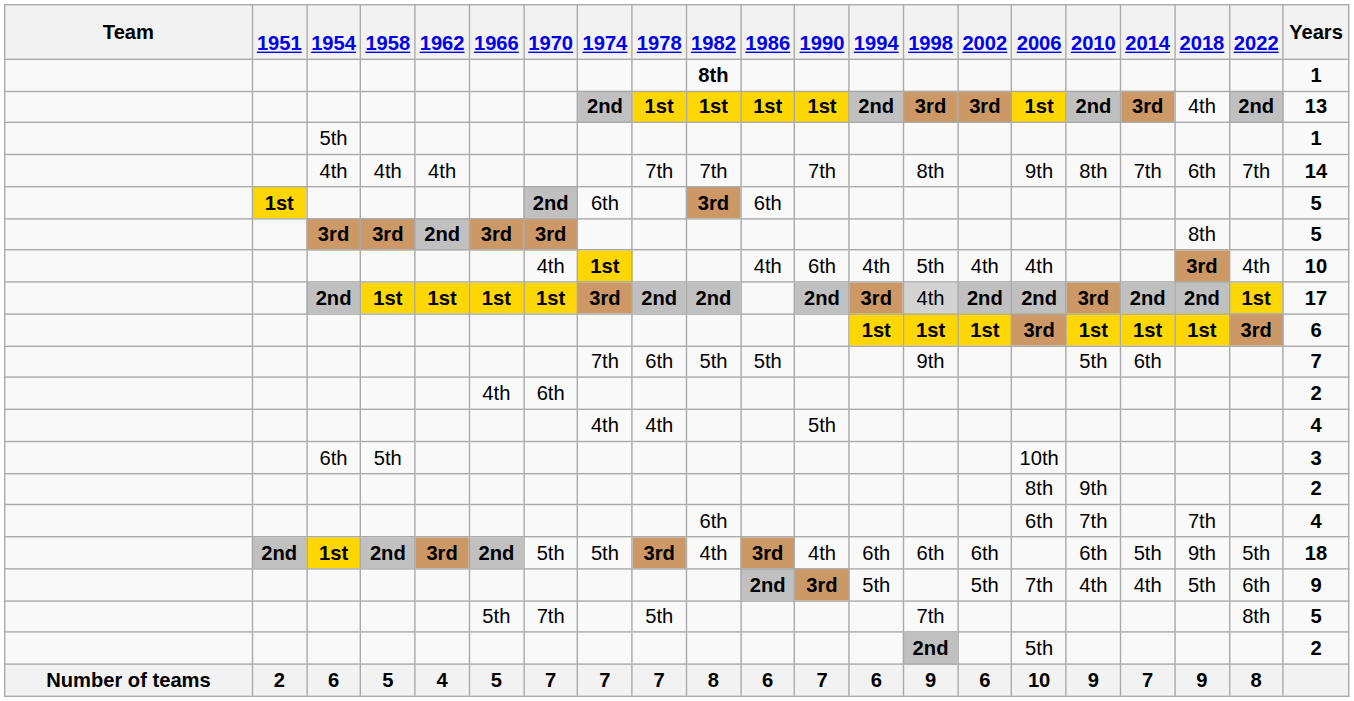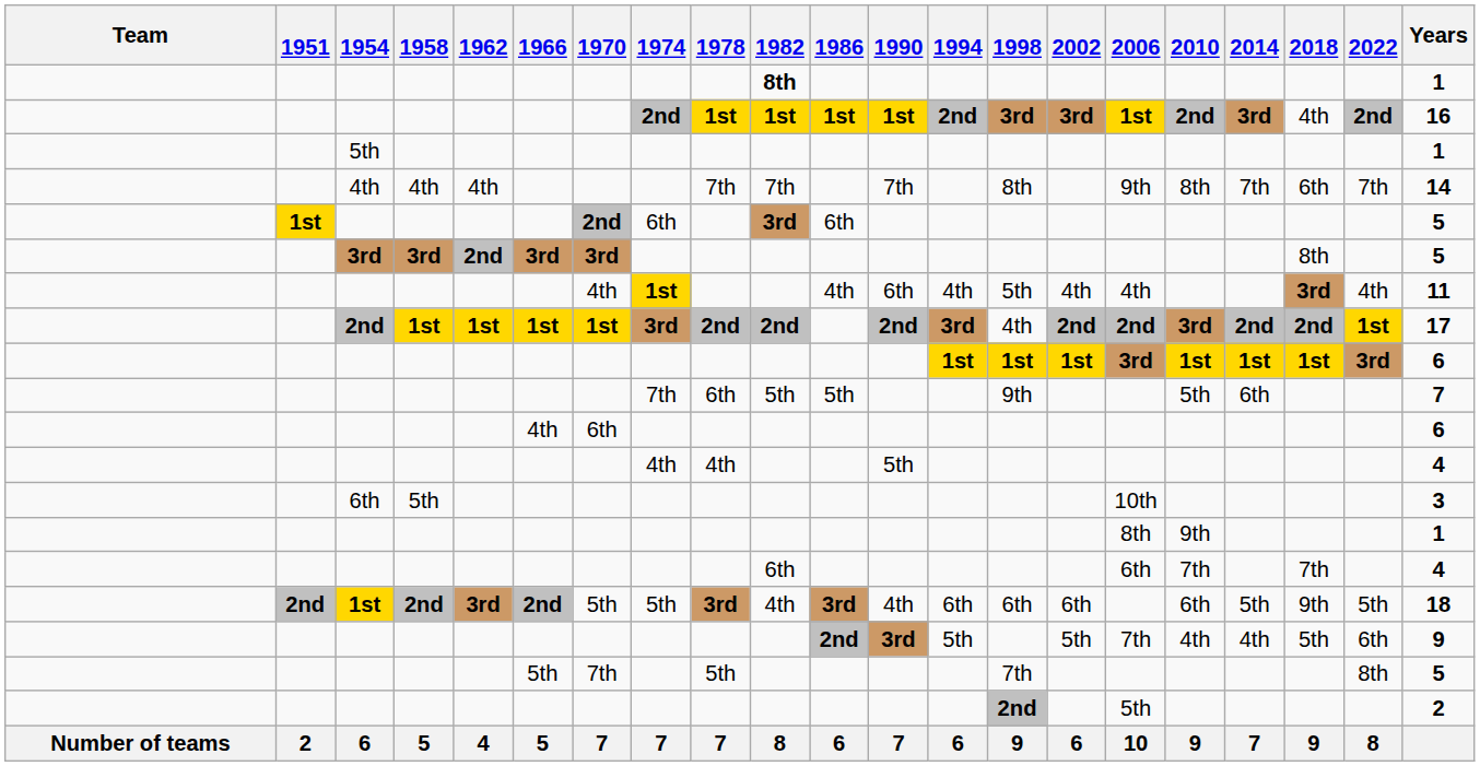 <table class="wikitable" style="text-align:center; font-size:90%">
 <tr>
 <th width=170>Team</th>
 <th width=25><br><a href='#'>1951</a></th>
 <th width=25><br><a href='#'>1954</a></th>
 <th width=25><br><a href='#'>1958</a></th>
 <th width=25><br><a href='#'>1962</a></th>
 <th width=25><br><a href='#'>1966</a></th>
 <th width=25><br><a href='#'>1970</a></th>
 <th width=25><br><a href='#'>1974</a></th>
 <th width=25><br><a href='#'>1978</a></th>
 <th width=25><br><a href='#'>1982</a></th>
 <th width=25><br><a href='#'>1986</a></th>
 <th width=25><br><a href='#'>1990</a></th>
 <th width=25><br><a href='#'>1994</a></th>
 <th width=25><br><a href='#'>1998</a></th>
 <th width=25><br><a href='#'>2002</a></th>
 <th width=25><br><a href='#'>2006</a></th>
 <th width=25><br><a href='#'>2010</a></th>
 <th width=25><br><a href='#'>2014</a></th>
 <th width=25><br><a href='#'>2018</a></th>
 <th width=25><br><a href='#'>2022</a></th>
 <th width=40>Years</th>
 </tr>
 <tr>
 <td align=left></td>
 <td></td>
 <td></td>
 <td></td>
 <td></td>
 <td></td>
 <td></td>
 <td></td>
 <td></td>
 <td><strong>8th</strong></td>
 <td></td>
 <td></td>
 <td></td>
 <td></td>
 <td></td>
 <td></td>
 <td></td>
 <td></td>
 <td></td>
 <td></td>
 <td><strong>1</strong></td>
 </tr>
 <tr>
 <td align=left></td>
 <td></td>
 <td></td>
 <td></td>
 <td></td>
 <td></td>
 <td></td>
 <td bgcolor=silver><strong>2nd</strong></td>
 <td bgcolor=gold><strong>1st</strong></td>
 <td bgcolor=gold><strong>1st</strong></td>
 <td bgcolor=gold><strong>1st</strong></td>
 <td bgcolor=gold><strong>1st</strong></td>
 <td bgcolor=silver><strong>2nd</strong></td>
 <td bgcolor=cc9966><strong>3rd</strong></td>
 <td bgcolor=cc9966><strong>3rd</strong></td>
 <td bgcolor=gold><strong>1st</strong></td>
 <td bgcolor=silver><strong>2nd</strong></td>
 <td bgcolor=cc9966><strong>3rd</strong></td>
 <td>4th</td>
 <td bgcolor=silver><strong>2nd</strong></td>
-<td><strong>13</strong></td>
+<td><strong>16</strong></td>
 </tr>
 <tr>
 <td align=left></td>
 <td></td>
 <td>5th</td>
 <td></td>
 <td></td>
 <td></td>
 <td></td>
 <td></td>
 <td></td>
 <td></td>
 <td></td>
 <td></td>
 <td></td>
 <td></td>
 <td></td>
 <td></td>
 <td></td>
 <td></td>
 <td></td>
 <td></td>
 <td><strong>1</strong></td>
 </tr>
 <tr>
 <td align=left></td>
 <td></td>
 <td>4th</td>
 <td>4th</td>
 <td>4th</td>
 <td></td>
 <td></td>
 <td></td>
 <td>7th</td>
 <td>7th</td>
 <td></td>
 <td>7th</td>
 <td></td>
 <td>8th</td>
 <td></td>
 <td>9th</td>
 <td>8th</td>
 <td>7th</td>
 <td>6th</td>
 <td>7th</td>
 <td><strong>14</strong></td>
 </tr>
 <tr>
 <td align=left></td>
 <td bgcolor=gold><strong>1st</strong></td>
 <td></td>
 <td></td>
 <td></td>
 <td></td>
 <td bgcolor=silver><strong>2nd</strong></td>
 <td>6th</td>
 <td></td>
 <td bgcolor=cc9966><strong>3rd</strong></td>
 <td>6th</td>
 <td></td>
 <td></td>
 <td></td>
 <td></td>
 <td></td>
 <td></td>
 <td></td>
 <td></td>
 <td></td>
 <td><strong>5</strong></td>
 </tr>
 <tr>
 <td align=left></td>
 <td></td>
 <td bgcolor=cc9966><strong>3rd</strong></td>
 <td bgcolor=cc9966><strong>3rd</strong></td>
 <td bgcolor=silver><strong>2nd</strong></td>
 <td bgcolor=cc9966><strong>3rd</strong></td>
 <td bgcolor=cc9966><strong>3rd</strong></td>
 <td></td>
 <td></td>
 <td></td>
 <td></td>
 <td></td>
 <td></td>
 <td></td>
 <td></td>
 <td></td>
 <td></td>
 <td></td>
 <td>8th</td>
 <td></td>
 <td><strong>5</strong></td>
 </tr>
 <tr>
 <td align=left></td>
 <td></td>
 <td></td>
 <td></td>
 <td></td>
 <td></td>
 <td>4th</td>
 <td bgcolor=gold><strong>1st</strong></td>
 <td></td>
 <td></td>
 <td>4th</td>
 <td>6th</td>
 <td>4th</td>
 <td>5th</td>
 <td>4th</td>
 <td>4th</td>
 <td></td>
 <td></td>
 <td bgcolor=cc9966><strong>3rd</strong></td>
 <td>4th</td>
-<td><strong>10</strong></td>
+<td><strong>11</strong></td>
 </tr>
 <tr>
 <td align=left></td>
 <td></td>
 <td bgcolor=silver><strong>2nd</strong></td>
 <td bgcolor=gold><strong>1st</strong></td>
 <td bgcolor=gold><strong>1st</strong></td>
 <td bgcolor=gold><strong>1st</strong></td>
 <td bgcolor=gold><strong>1st</strong></td>
 <td bgcolor=cc9966><strong>3rd</strong></td>
 <td bgcolor=silver><strong>2nd</strong></td>
 <td bgcolor=silver><strong>2nd</strong></td>
 <td></td>
 <td bgcolor=silver><strong>2nd</strong></td>
 <td bgcolor=cc9966><strong>3rd</strong></td>
-<td style="background: lightgrey;">4th</td>
+<td>4th</td>
 <td bgcolor=silver><strong>2nd</strong></td>
 <td bgcolor=silver><strong>2nd</strong></td>
 <td bgcolor=cc9966><strong>3rd</strong></td>
 <td bgcolor=silver><strong>2nd</strong></td>
 <td bgcolor=silver><strong>2nd</strong></td>
 <td bgcolor=gold><strong>1st</strong></td>
 <td><strong>17</strong></td>
 </tr>
 <tr>
 <td align=left></td>
 <td></td>
 <td></td>
 <td></td>
 <td></td>
 <td></td>
 <td></td>
 <td></td>
 <td></td>
 <td></td>
 <td></td>
 <td></td>
 <td bgcolor=gold><strong>1st</strong></td>
 <td bgcolor=gold><strong>1st</strong></td>
 <td bgcolor=gold><strong>1st</strong></td>
 <td bgcolor=cc9966><strong>3rd</strong></td>
 <td bgcolor=gold><strong>1st</strong></td>
 <td bgcolor=gold><strong>1st</strong></td>
 <td bgcolor=gold><strong>1st</strong></td>
 <td bgcolor=cc9966><strong>3rd</strong></td>
 <td><strong>6</strong></td>
 </tr>
 <tr>
 <td align=left></td>
 <td></td>
 <td></td>
 <td></td>
 <td></td>
 <td></td>
 <td></td>
 <td>7th</td>
 <td>6th</td>
 <td>5th</td>
 <td>5th</td>
 <td></td>
 <td></td>
 <td>9th</td>
 <td></td>
 <td></td>
 <td>5th</td>
 <td>6th</td>
 <td></td>
 <td></td>
 <td><strong>7</strong></td>
 </tr>
 <tr>
 <td align=left></td>
 <td></td>
 <td></td>
 <td></td>
 <td></td>
 <td>4th</td>
 <td>6th</td>
 <td></td>
 <td></td>
 <td></td>
 <td></td>
 <td></td>
 <td></td>
 <td></td>
 <td></td>
 <td></td>
 <td></td>
 <td></td>
 <td></td>
 <td></td>
-<td><strong>2</strong></td>
+<td><strong>6</strong></td>
 </tr>
 <tr>
 <td align=left></td>
 <td></td>
 <td></td>
 <td></td>
 <td></td>
 <td></td>
 <td></td>
 <td>4th</td>
 <td>4th</td>
 <td></td>
 <td></td>
 <td>5th</td>
 <td></td>
 <td></td>
 <td></td>
 <td></td>
 <td></td>
 <td></td>
 <td></td>
 <td></td>
 <td><strong>4</strong></td>
 </tr>
 <tr>
 <td align=left></td>
 <td></td>
 <td>6th</td>
 <td>5th</td>
 <td></td>
 <td></td>
 <td></td>
 <td></td>
 <td></td>
 <td></td>
 <td></td>
 <td></td>
 <td></td>
 <td></td>
 <td></td>
 <td>10th</td>
 <td></td>
 <td></td>
 <td></td>
 <td></td>
 <td><strong>3</strong></td>
 </tr>
 <tr>
 <td align=left></td>
 <td></td>
 <td></td>
 <td></td>
 <td></td>
 <td></td>
 <td></td>
 <td></td>
 <td></td>
 <td></td>
 <td></td>
 <td></td>
 <td></td>
 <td></td>
 <td></td>
 <td>8th</td>
 <td>9th</td>
 <td></td>
 <td></td>
 <td></td>
-<td><strong>2</strong></td>
+<td><strong>1</strong></td>
 </tr>
 <tr>
 <td align=left></td>
 <td></td>
 <td></td>
 <td></td>
 <td></td>
 <td></td>
 <td></td>
 <td></td>
 <td></td>
 <td>6th</td>
 <td></td>
 <td></td>
 <td></td>
 <td></td>
 <td></td>
 <td>6th</td>
 <td>7th</td>
 <td></td>
 <td>7th</td>
 <td></td>
 <td><strong>4</strong></td>
 </tr>
 <tr>
 <td align=left></td>
 <td bgcolor=silver><strong>2nd</strong></td>
 <td bgcolor=gold><strong>1st</strong></td>
 <td bgcolor=silver><strong>2nd</strong></td>
 <td bgcolor=cc9966><strong>3rd</strong></td>
 <td bgcolor=silver><strong>2nd</strong></td>
 <td>5th</td>
 <td>5th</td>
 <td bgcolor=cc9966><strong>3rd</strong></td>
 <td>4th</td>
 <td bgcolor=cc9966><strong>3rd</strong></td>
 <td>4th</td>
 <td>6th</td>
 <td>6th</td>
 <td>6th</td>
 <td></td>
 <td>6th</td>
 <td>5th</td>
 <td>9th</td>
 <td>5th</td>
 <td><strong>18</strong></td>
 </tr>
 <tr>
 <td align=left></td>
 <td></td>
 <td></td>
 <td></td>
 <td></td>
 <td></td>
 <td></td>
 <td></td>
 <td></td>
 <td></td>
 <td bgcolor=silver><strong>2nd</strong></td>
 <td bgcolor=cc9966><strong>3rd</strong></td>
 <td>5th</td>
 <td></td>
 <td>5th</td>
 <td>7th</td>
 <td>4th</td>
 <td>4th</td>
 <td>5th</td>
 <td>6th</td>
 <td><strong>9</strong></td>
 </tr>
 <tr>
 <td align=left></td>
 <td></td>
 <td></td>
 <td></td>
 <td></td>
 <td>5th</td>
 <td>7th</td>
 <td></td>
 <td>5th</td>
 <td></td>
 <td></td>
 <td></td>
 <td></td>
 <td>7th</td>
 <td></td>
 <td></td>
 <td></td>
 <td></td>
 <td></td>
 <td>8th</td>
 <td><strong>5</strong></td>
 </tr>
 <tr>
 <td align=left></td>
 <td></td>
 <td></td>
 <td></td>
 <td></td>
 <td></td>
 <td></td>
 <td></td>
 <td></td>
 <td></td>
 <td></td>
 <td></td>
 <td></td>
 <td bgcolor=silver><strong>2nd</strong></td>
 <td></td>
 <td>5th</td>
 <td></td>
 <td></td>
 <td></td>
 <td></td>
 <td><strong>2</strong></td>
 </tr>
 <tr>
 <th>Number of teams</th>
 <th>2</th>
 <th>6</th>
 <th>5</th>
 <th>4</th>
 <th>5</th>
 <th>7</th>
 <th>7</th>
 <th>7</th>
 <th>8</th>
 <th>6</th>
 <th>7</th>
 <th>6</th>
 <th>9</th>
 <th>6</th>
 <th>10</th>
 <th>9</th>
 <th>7</th>
 <th>9</th>
 <th>8</th>
 <th></th>
 </tr>
 </table>
